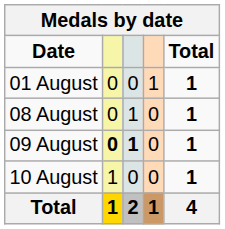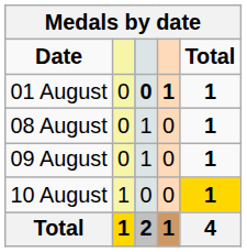 <table class="wikitable" style="font-size:85%">
 <tr bgcolor="#efefef">
 <th colspan=6>Medals by date</th>
 </tr>
 <tr align=center>
 <td><strong>Date</strong></td>
 <td bgcolor=#f7f6a8></td>
 <td bgcolor=#dce5e5></td>
 <td bgcolor=#ffdab9></td>
 <td><strong>Total</strong></td>
 </tr>
 <tr align=center>
 <td>01 August</td>
 <td style="background:#F7F6A8;">0</td>
-<td style="background:#DCE5E5;">0</td>
-<td style="background:#FFDAB9;">1</td>
+<td style="background:#DCE5E5;"><strong>0</strong></td>
+<td style="background:#FFDAB9;"><strong>1</strong></td>
 <td><strong>1</strong></td>
 </tr>
 <tr align=center>
 <td>08 August</td>
 <td style="background:#F7F6A8;">0</td>
 <td style="background:#DCE5E5;">1</td>
 <td style="background:#FFDAB9;">0</td>
 <td><strong>1</strong></td>
 </tr>
 <tr align=center>
 <td>09 August</td>
-<td style="background:#F7F6A8;"><strong>0</strong></td>
-<td style="background:#DCE5E5;"><strong>1</strong></td>
+<td style="background:#F7F6A8;">0</td>
+<td style="background:#DCE5E5;">1</td>
 <td style="background:#FFDAB9;">0</td>
 <td><strong>1</strong></td>
 </tr>
 <tr align=center>
 <td>10 August</td>
 <td style="background:#F7F6A8;">1</td>
 <td style="background:#DCE5E5;">0</td>
 <td style="background:#FFDAB9;">0</td>
-<td><strong>1</strong></td>
+<td style="background: gold;"><strong>1</strong></td>
 </tr>
 <tr align=center>
 <th><strong>Total</strong></th>
 <th style="background:gold;"><strong>1</strong></th>
 <th style="background:silver;"><strong>2</strong></th>
 <th style="background:#c96;"><strong>1</strong></th>
 <th>4</th>
 </tr>
 </table>
